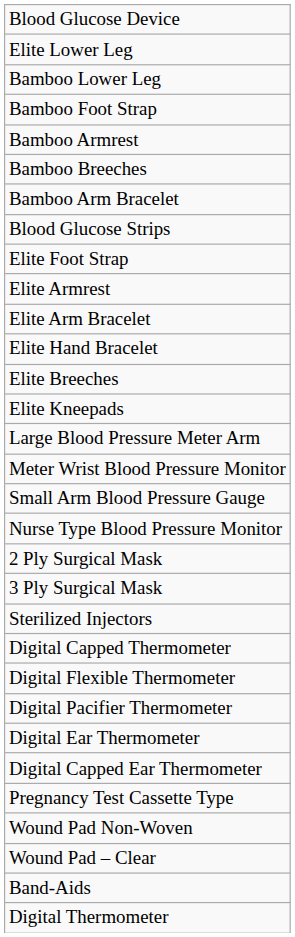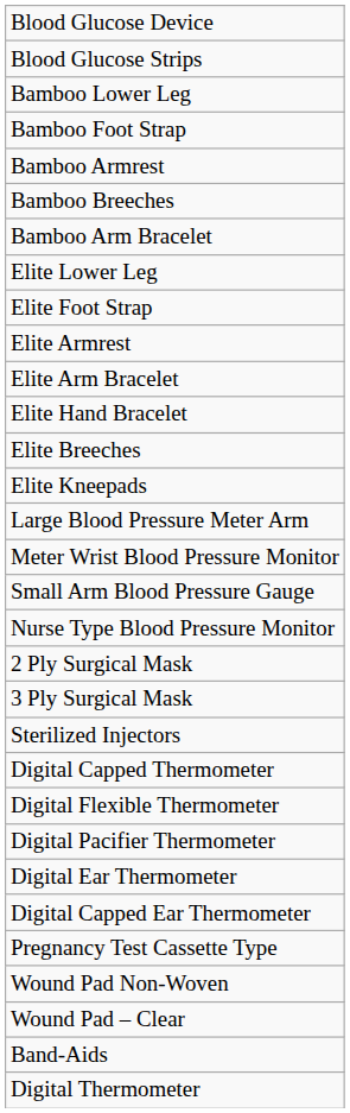 <table class="wikitable">
 <tr>
 <td>Blood Glucose Device</td>
 </tr>
 <tr>
-<td>Elite Lower Leg</td>
+<td>Blood Glucose Strips</td>
 </tr>
 <tr>
 <td>Bamboo Lower Leg</td>
 </tr>
 <tr>
 <td>Bamboo Foot Strap</td>
 </tr>
 <tr>
 <td>Bamboo Armrest</td>
 </tr>
 <tr>
 <td>Bamboo Breeches</td>
 </tr>
 <tr>
 <td>Bamboo Arm Bracelet</td>
 </tr>
 <tr>
-<td>Blood Glucose Strips</td>
+<td>Elite Lower Leg</td>
 </tr>
 <tr>
 <td>Elite Foot Strap</td>
 </tr>
 <tr>
 <td>Elite Armrest</td>
 </tr>
 <tr>
 <td>Elite Arm Bracelet</td>
 </tr>
 <tr>
 <td>Elite Hand Bracelet</td>
 </tr>
 <tr>
 <td>Elite Breeches</td>
 </tr>
 <tr>
 <td>Elite Kneepads</td>
 </tr>
 <tr>
 <td>Large Blood Pressure Meter Arm</td>
 </tr>
 <tr>
 <td>Meter Wrist Blood Pressure Monitor</td>
 </tr>
 <tr>
 <td>Small Arm Blood Pressure Gauge</td>
 </tr>
 <tr>
 <td>Nurse Type Blood Pressure Monitor</td>
 </tr>
 <tr>
 <td>2 Ply Surgical Mask</td>
 </tr>
 <tr>
 <td>3 Ply Surgical Mask</td>
 </tr>
 <tr>
 <td>Sterilized Injectors</td>
 </tr>
 <tr>
 <td>Digital Capped Thermometer</td>
 </tr>
 <tr>
 <td>Digital Flexible Thermometer</td>
 </tr>
 <tr>
 <td>Digital Pacifier Thermometer</td>
 </tr>
 <tr>
 <td>Digital Ear Thermometer</td>
 </tr>
 <tr>
 <td>Digital Capped Ear Thermometer</td>
 </tr>
 <tr>
 <td>Pregnancy Test Cassette Type</td>
 </tr>
 <tr>
 <td>Wound Pad Non-Woven</td>
 </tr>
 <tr>
 <td>Wound Pad – Clear</td>
 </tr>
 <tr>
 <td>Band-Aids</td>
 </tr>
 <tr>
 <td>Digital Thermometer</td>
 </tr>
 </table>
